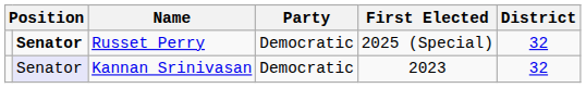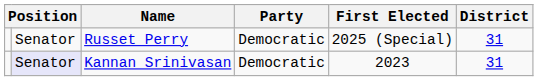 <table class=wikitable>
 <tr>
 <th colspan=2 align=center valign=bottom>Position</th>
 <th style="text-align:center;">Name</th>
 <th valign=bottom>Party</th>
 <th valign=bottom align=center>First Elected</th>
 <th valign=bottom align=center>District</th>
 </tr>
 <tr>
 <td style="background-color:"></td>
-<td><strong>Senator</strong></td>
+<td>Senator</td>
 <td><a href='#'>Russet Perry</a></td>
 <td style="text-align:center;">Democratic</td>
 <td style="text-align:center;">2025 (Special)</td>
-<td style="text-align:center;"><a href='#'>32</a></td>
+<td style="text-align:center;"><a href='#'>31</a></td>
 </tr>
 <tr>
 <td style="background-color:"></td>
 <td style="background: lavender;">Senator</td>
 <td><a href='#'>Kannan Srinivasan</a></td>
 <td style="text-align:center;">Democratic</td>
 <td style="text-align:center;">2023</td>
-<td style="text-align:center;"><a href='#'>32</a></td>
+<td style="text-align:center;"><a href='#'>31</a></td>
 </tr>
 </table>
